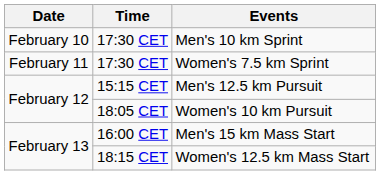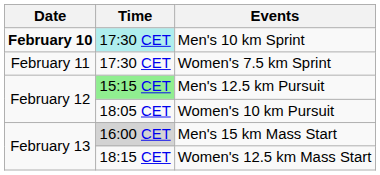 <table class="wikitable"  style="text-align:center; width:400px;">
 <tr>
 <th>Date</th>
 <th>Time</th>
 <th>Events</th>
 </tr>
 <tr>
-<td>February 10</td>
-<td>17:30 <a href='#'>CET</a></td>
+<td><strong>February 10</strong></td>
+<td style="background: paleturquoise;">17:30 <a href='#'>CET</a></td>
 <td style="text-align: left">Men's 10 km Sprint</td>
 </tr>
 <tr>
 <td>February 11</td>
 <td>17:30 <a href='#'>CET</a></td>
 <td style="text-align: left">Women's 7.5 km Sprint</td>
 </tr>
 <tr>
 <td rowspan="2">February 12</td>
-<td>15:15 <a href='#'>CET</a></td>
+<td style="background: lightgreen;">15:15 <a href='#'>CET</a></td>
 <td style="text-align: left">Men's 12.5 km Pursuit</td>
 </tr>
 <tr>
 <td>18:05 <a href='#'>CET</a></td>
 <td style="text-align: left">Women's 10 km Pursuit</td>
 </tr>
 <tr>
 <td rowspan="2">February 13</td>
-<td>16:00 <a href='#'>CET</a></td>
+<td style="background: lightgrey;">16:00 <a href='#'>CET</a></td>
 <td style="text-align: left">Men's 15 km Mass Start</td>
 </tr>
 <tr>
 <td>18:15 <a href='#'>CET</a></td>
 <td style="text-align: left">Women's 12.5 km Mass Start</td>
 </tr>
 </table>
